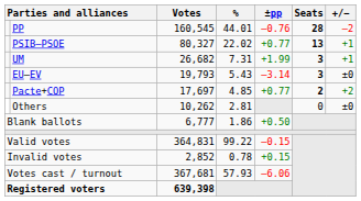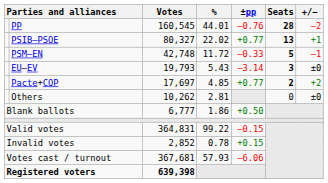 <table class="wikitable" style="text-align:right;">
 <tr>
 <th style="text-align:left;" colspan="2" width="200">Parties and alliances</th>
 <th width="75">Votes</th>
 <th width="45">%</th>
 <th width="45">±<a href='#'>pp</a></th>
 <th width="35">Seats</th>
 <th width="35">+/−</th>
 </tr>
 <tr>
 <td width="1" style="color:inherit;background:"></td>
 <td align="left"><a href='#'>PP</a></td>
 <td>160,545</td>
 <td>44.01</td>
 <td style="color:red;">–0.76</td>
 <td><strong>28</strong></td>
 <td style="color:red;">–2</td>
 </tr>
 <tr>
 <td style="color:inherit;background:"></td>
 <td align="left"><a href='#'>PSIB–PSOE</a></td>
 <td>80,327</td>
 <td>22.02</td>
 <td style="color:green;">+0.77</td>
 <td><strong>13</strong></td>
 <td style="color:green;">+1</td>
 </tr>
 <tr>
 <td style="color:inherit;background:"></td>
-<td align="left"><a href='#'>UM</a></td>
-<td>26,682</td>
-<td>7.31</td>
-<td style="color:green;">+1.99</td>
-<td><strong>3</strong></td>
-<td style="color:green;">+1</td>
+<td align="left"><a href='#'>PSM–EN</a></td>
+<td>42,748</td>
+<td>11.72</td>
+<td style="color:red;">–0.33</td>
+<td><strong>5</strong></td>
+<td style="color:red;">–1</td>
 </tr>
 <tr>
 <td style="color:inherit;background:"></td>
 <td align="left"><a href='#'>EU</a>–<a href='#'>EV</a></td>
 <td>19,793</td>
 <td>5.43</td>
 <td style="color:red;">–3.14</td>
 <td><strong>3</strong></td>
 <td>±0</td>
 </tr>
 <tr>
 <td style="color:inherit;background:"></td>
 <td align="left"><a href='#'>Pacte</a>+<a href='#'>COP</a></td>
 <td>17,697</td>
 <td>4.85</td>
 <td style="color:green;">+0.77</td>
 <td><strong>2</strong></td>
 <td style="color:green;">+2</td>
 </tr>
 <tr>
 <td bgcolor="white"></td>
 <td align="left">Others</td>
 <td>10,262</td>
 <td>2.81</td>
 <td bgcolor="#E9E9E9"></td>
 <td>0</td>
 <td>±0</td>
 </tr>
 <tr>
 <td align="left" colspan="2">Blank ballots</td>
 <td>6,777</td>
 <td>1.86</td>
 <td style="color:green;">+0.50</td>
 <td bgcolor="#E9E9E9" colspan="2"></td>
 </tr>
 <tr>
 <td colspan="7" bgcolor="#E9E9E9"></td>
 </tr>
 <tr>
 <td align="left" colspan="2">Valid votes</td>
 <td>364,831</td>
 <td>99.22</td>
 <td style="color:red;">–0.15</td>
 <td bgcolor="#E9E9E9" colspan="2" rowspan="4"></td>
 </tr>
 <tr>
 <td align="left" colspan="2">Invalid votes</td>
 <td>2,852</td>
 <td>0.78</td>
 <td style="color:green;">+0.15</td>
 </tr>
 <tr>
 <td align="left" colspan="2">Votes cast / turnout</td>
 <td>367,681</td>
 <td>57.93</td>
 <td style="color:red;">–6.06</td>
 </tr>
 <tr style="font-weight:bold;">
 <td align="left" colspan="2">Registered voters</td>
 <td>639,398</td>
 <td bgcolor="#E9E9E9" colspan="2"></td>
 </tr>
 </table>
